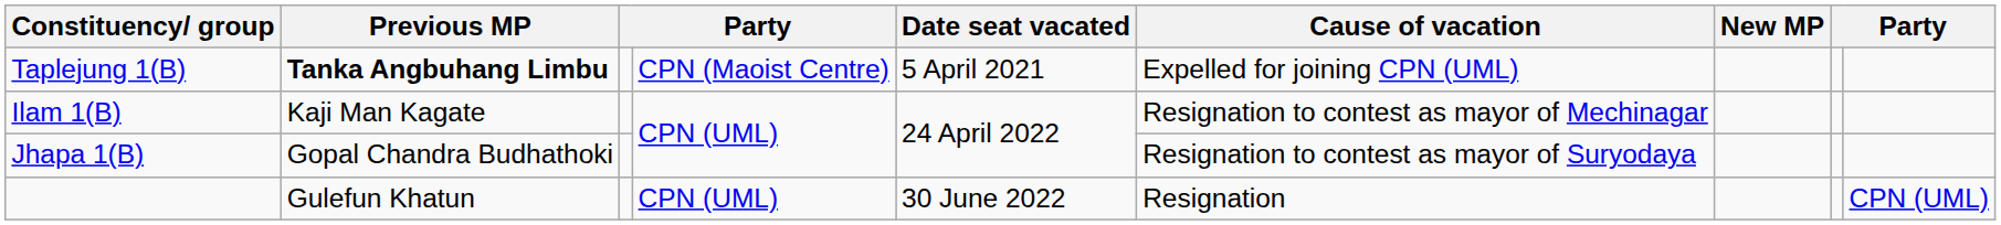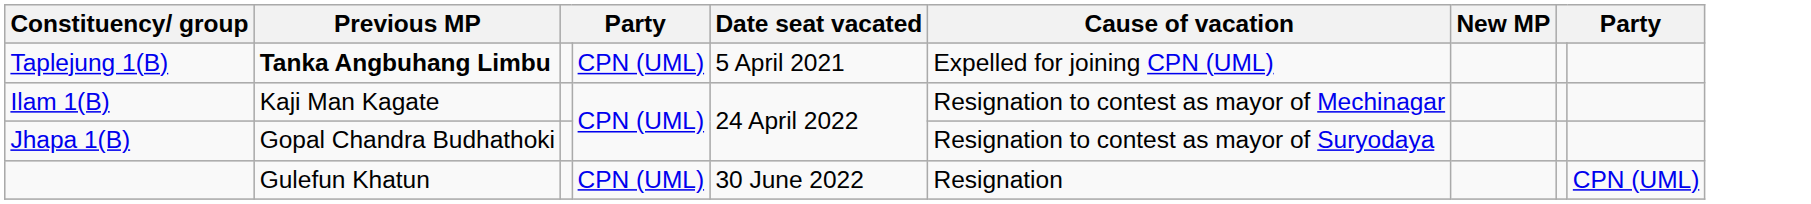 <table class="wikitable">
 <tr>
 <th>Constituency/ group</th>
 <th>Previous MP</th>
 <th colspan="2">Party</th>
 <th>Date seat vacated</th>
 <th>Cause of vacation</th>
 <th>New MP</th>
 <th colspan="2">Party</th>
 </tr>
 <tr>
 <td><a href='#'>Taplejung 1(B)</a></td>
 <td><strong>Tanka Angbuhang Limbu</strong></td>
 <td></td>
-<td><a href='#'>CPN (Maoist Centre)</a></td>
+<td><a href='#'>CPN (UML)</a></td>
 <td>5 April 2021</td>
 <td>Expelled for joining <a href='#'>CPN (UML)</a></td>
 <td></td>
 <td></td>
 <td></td>
 </tr>
 <tr>
 <td><a href='#'>Ilam 1(B)</a></td>
 <td>Kaji Man Kagate</td>
 <td></td>
 <td rowspan="2"><a href='#'>CPN (UML)</a></td>
 <td rowspan="2">24 April 2022</td>
 <td>Resignation to contest as mayor of <a href='#'>Mechinagar</a></td>
 <td></td>
 <td></td>
 <td></td>
 </tr>
 <tr>
 <td><a href='#'>Jhapa 1(B)</a></td>
 <td>Gopal Chandra Budhathoki</td>
 <td></td>
 <td>Resignation to contest as mayor of <a href='#'>Suryodaya</a></td>
 <td></td>
 <td></td>
 <td></td>
 </tr>
 <tr>
 <td></td>
 <td>Gulefun Khatun</td>
 <td></td>
 <td><a href='#'>CPN (UML)</a></td>
 <td>30 June 2022</td>
 <td>Resignation</td>
 <td></td>
 <td></td>
 <td><a href='#'>CPN (UML)</a></td>
 </tr>
 </table>
